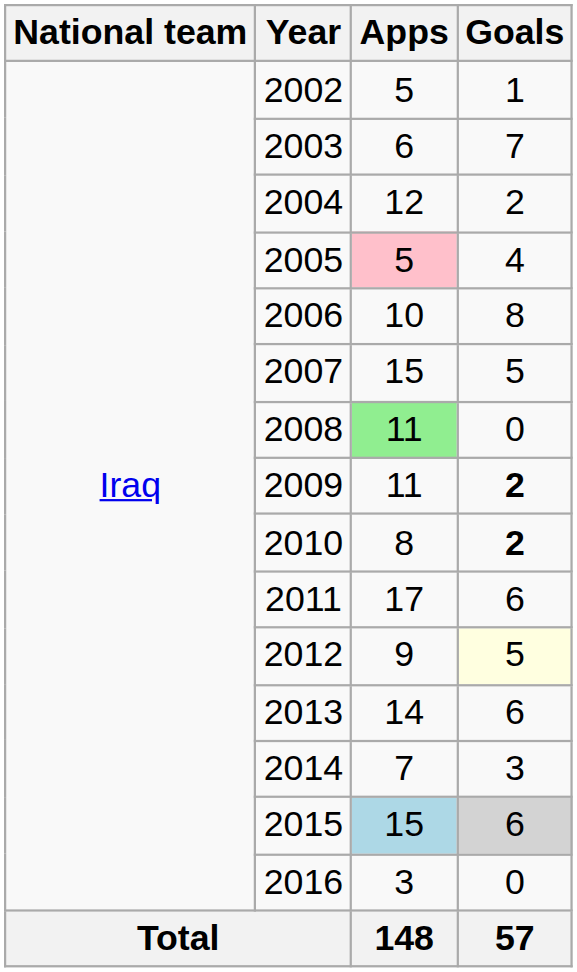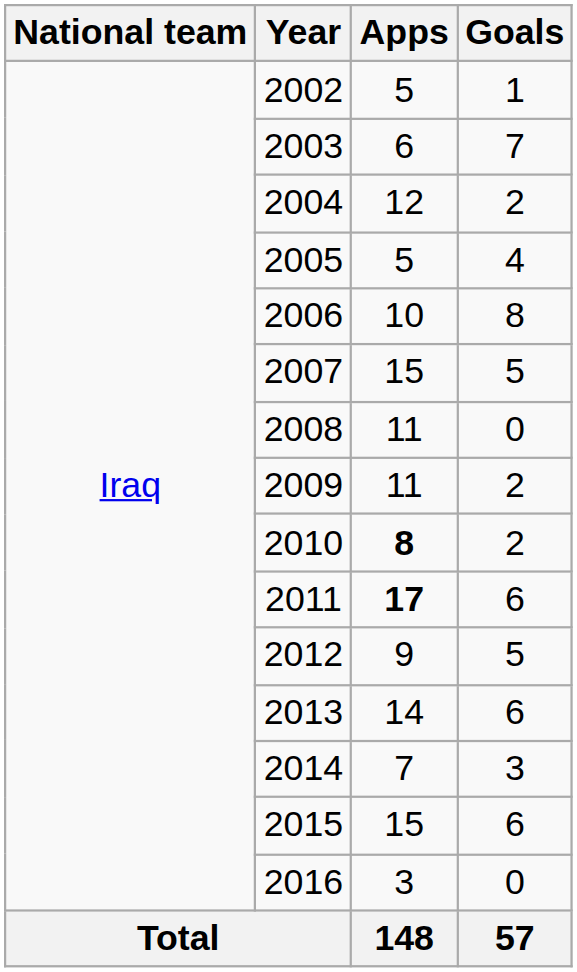 <table class="wikitable" style="text-align:center">
 <tr>
 <th>National team</th>
 <th>Year</th>
 <th>Apps</th>
 <th>Goals</th>
 </tr>
 <tr>
 <td rowspan="15"><a href='#'>Iraq</a></td>
 <td>2002</td>
 <td>5</td>
 <td>1</td>
 </tr>
 <tr>
 <td>2003</td>
 <td>6</td>
 <td>7</td>
 </tr>
 <tr>
 <td>2004</td>
 <td>12</td>
 <td>2</td>
 </tr>
 <tr>
 <td>2005</td>
-<td style="background: pink;">5</td>
+<td>5</td>
 <td>4</td>
 </tr>
 <tr>
 <td>2006</td>
 <td>10</td>
 <td>8</td>
 </tr>
 <tr>
 <td>2007</td>
 <td>15</td>
 <td>5</td>
 </tr>
 <tr>
 <td>2008</td>
-<td style="background: lightgreen;">11</td>
+<td>11</td>
 <td>0</td>
 </tr>
 <tr>
 <td>2009</td>
 <td>11</td>
-<td><strong>2</strong></td>
+<td>2</td>
 </tr>
 <tr>
 <td>2010</td>
-<td>8</td>
-<td><strong>2</strong></td>
+<td><strong>8</strong></td>
+<td>2</td>
 </tr>
 <tr>
 <td>2011</td>
-<td>17</td>
+<td><strong>17</strong></td>
 <td>6</td>
 </tr>
 <tr>
 <td>2012</td>
 <td>9</td>
-<td style="background: lightyellow;">5</td>
+<td>5</td>
 </tr>
 <tr>
 <td>2013</td>
 <td>14</td>
 <td>6</td>
 </tr>
 <tr>
 <td>2014</td>
 <td>7</td>
 <td>3</td>
 </tr>
 <tr>
 <td>2015</td>
-<td style="background: lightblue;">15</td>
-<td style="background: lightgrey;">6</td>
+<td>15</td>
+<td>6</td>
 </tr>
 <tr>
 <td>2016</td>
 <td>3</td>
 <td>0</td>
 </tr>
 <tr>
 <th colspan="2">Total</th>
 <th>148</th>
 <th>57</th>
 </tr>
 </table>
